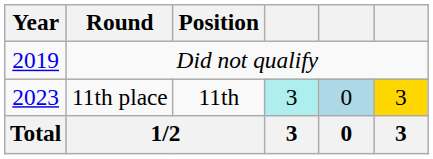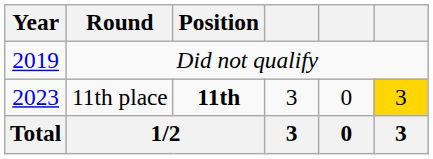 <table class="wikitable" style="text-align:center;">
 <tr>
 <th>Year</th>
 <th>Round</th>
 <th>Position</th>
 <th width="30"></th>
 <th width="30"></th>
 <th width="30"></th>
 </tr>
 <tr>
 <td> <a href='#'>2019</a></td>
 <td colspan=5><em>Did not qualify</em></td>
 </tr>
 <tr>
 <td> <a href='#'>2023</a></td>
 <td>11th place</td>
-<td>11th</td>
-<td style="background: paleturquoise;">3</td>
-<td style="background: lightblue;">0</td>
+<td><strong>11th</strong></td>
+<td>3</td>
+<td>0</td>
 <td style="background: gold;">3</td>
 </tr>
 <tr>
 <th>Total</th>
 <th colspan="2">1/2</th>
 <th>3</th>
 <th>0</th>
 <th>3</th>
 </tr>
 </table>
